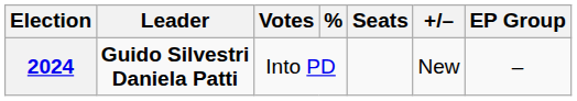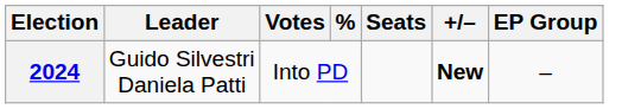 <table class="wikitable" style="text-align:center">
 <tr>
 <th>Election</th>
 <th>Leader</th>
 <th>Votes</th>
 <th>%</th>
 <th>Seats</th>
 <th>+/–</th>
 <th>EP Group</th>
 </tr>
 <tr>
 <th><a href='#'>2024</a></th>
-<td><strong>Guido Silvestri<br>Daniela Patti</strong></td>
+<td>Guido Silvestri<br>Daniela Patti</td>
 <td colspan=2>Into <a href='#'>PD</a></td>
 <td></td>
-<td>New</td>
+<td><strong>New</strong></td>
 <td>–</td>
 </tr>
 </table>
